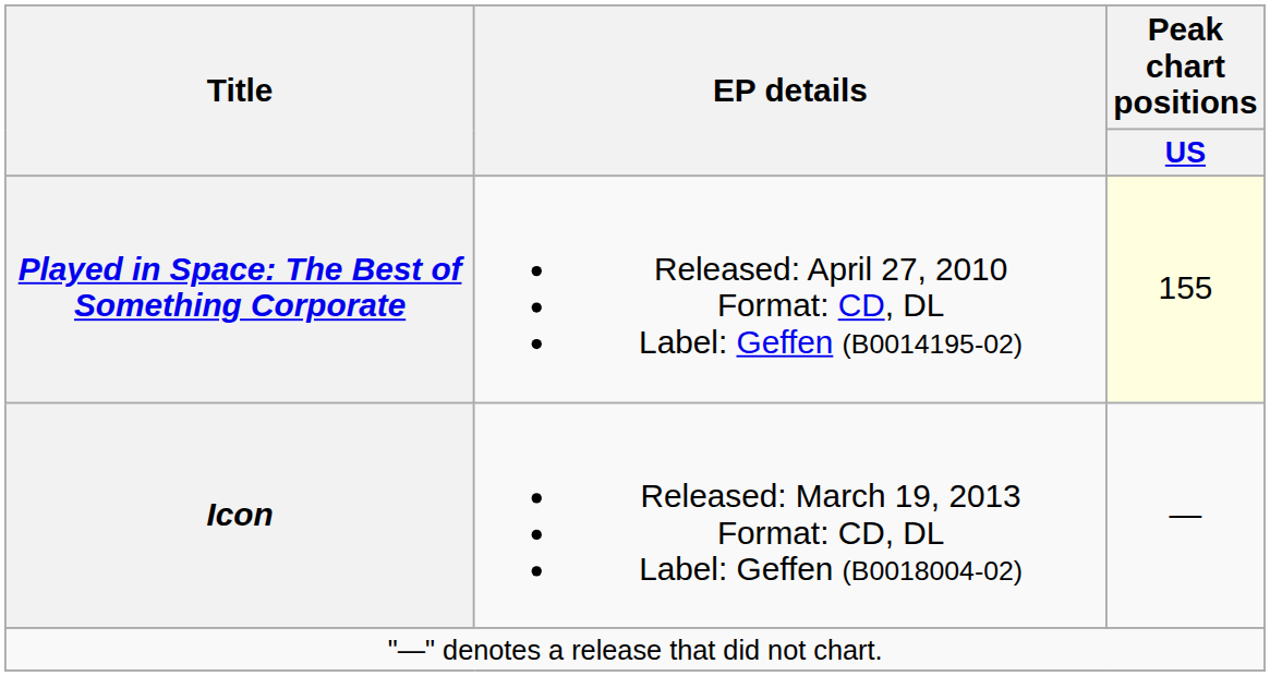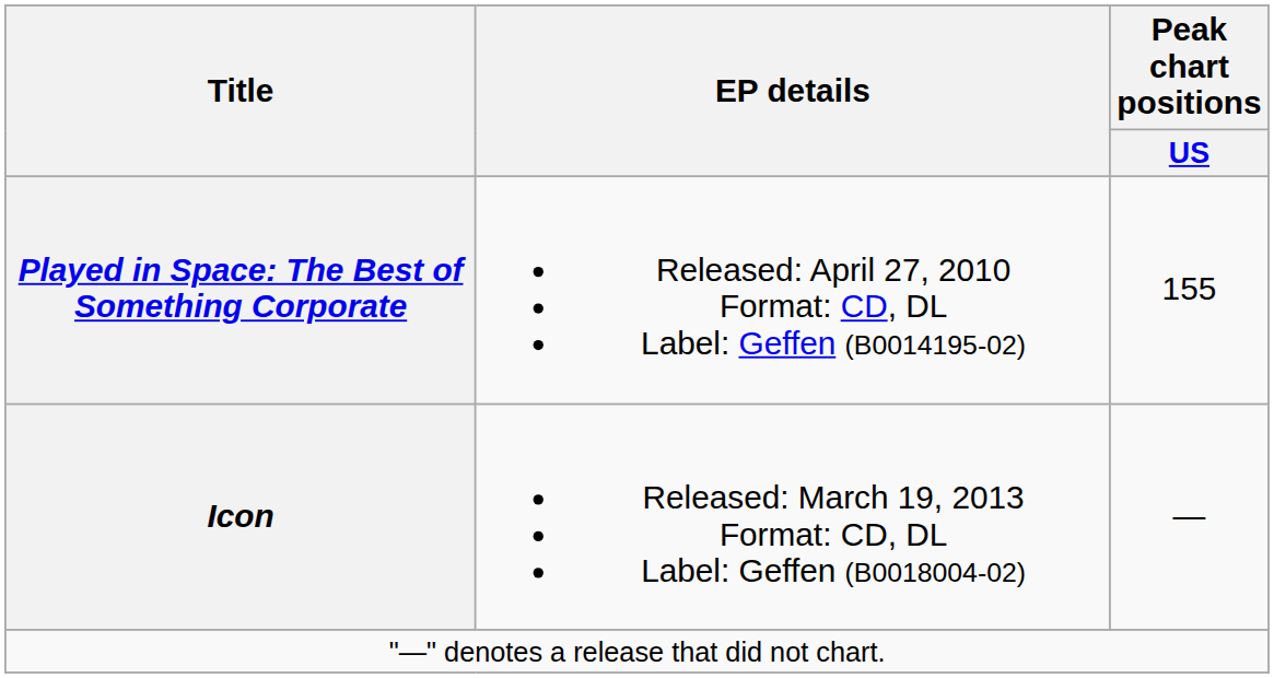 <table class="wikitable plainrowheaders" style="text-align:center;">
 <tr>
 <th rowspan="2" scope="col" style="width:14em;">Title</th>
 <th rowspan="2" scope="col" style="width:19em;">EP details</th>
 <th colspan="1" scope="col">Peak chart positions</th>
 </tr>
 <tr>
 <th style="width:2.5em; font-size:90%"><a href='#'>US</a><br></th>
 </tr>
 <tr>
 <th scope="row"><em><a href='#'>Played in Space: The Best of Something Corporate</a></em></th>
 <td><br><ul><li>Released: April 27, 2010</li><li>Format: <a href='#'>CD</a>, DL</li><li>Label: <a href='#'>Geffen</a> <small>(B0014195-02)</small></li></ul></td>
-<td style="background: lightyellow;">155</td>
+<td>155</td>
 </tr>
 <tr>
 <th scope="row"><em>Icon</em></th>
 <td><br><ul><li>Released: March 19, 2013</li><li>Format: CD, DL</li><li>Label: Geffen <small>(B0018004-02)</small></li></ul></td>
 <td>—</td>
 </tr>
 <tr>
 <td colspan="13" style="text-align:center; font-size:85%;">"—" denotes a release that did not chart.</td>
 </tr>
 </table>
